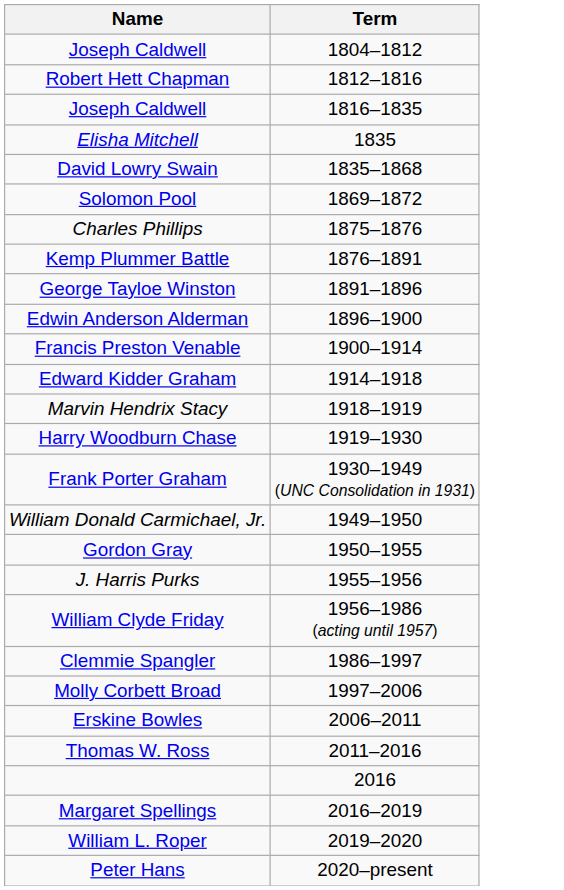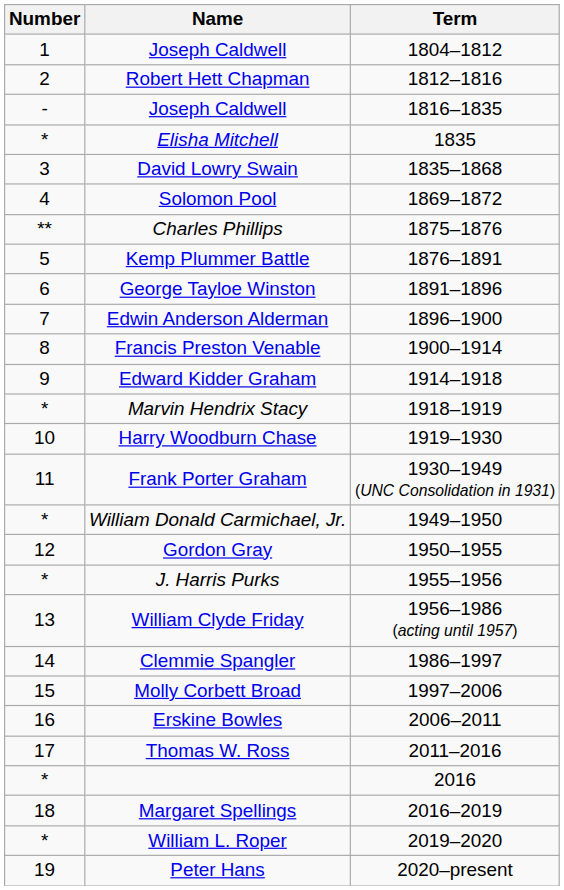 <table class="wikitable" style="text-align: center;">
 <tr>
+<th>Number</th>
 <th>Name</th>
 <th>Term</th>
 </tr>
 <tr>
+<td>1</td>
 <td><a href='#'>Joseph Caldwell</a></td>
 <td>1804–1812</td>
 </tr>
 <tr>
+<td>2</td>
 <td><a href='#'>Robert Hett Chapman</a></td>
 <td>1812–1816</td>
 </tr>
 <tr>
+<td>-</td>
 <td><a href='#'>Joseph Caldwell</a></td>
 <td>1816–1835</td>
 </tr>
 <tr>
+<td>*</td>
 <td><em><a href='#'>Elisha Mitchell</a></em></td>
 <td>1835</td>
 </tr>
 <tr>
+<td>3</td>
 <td><a href='#'>David Lowry Swain</a></td>
 <td>1835–1868</td>
 </tr>
 <tr>
+<td>4</td>
 <td><a href='#'>Solomon Pool</a></td>
 <td>1869–1872</td>
 </tr>
 <tr>
+<td>**</td>
 <td><em>Charles Phillips</em></td>
 <td>1875–1876</td>
 </tr>
 <tr>
+<td>5</td>
 <td><a href='#'>Kemp Plummer Battle</a></td>
 <td>1876–1891</td>
 </tr>
 <tr>
+<td>6</td>
 <td><a href='#'>George Tayloe Winston</a></td>
 <td>1891–1896</td>
 </tr>
 <tr>
+<td>7</td>
 <td><a href='#'>Edwin Anderson Alderman</a></td>
 <td>1896–1900</td>
 </tr>
 <tr>
+<td>8</td>
 <td><a href='#'>Francis Preston Venable</a></td>
 <td>1900–1914</td>
 </tr>
 <tr>
+<td>9</td>
 <td><a href='#'>Edward Kidder Graham</a></td>
 <td>1914–1918</td>
 </tr>
 <tr>
+<td>*</td>
 <td><em>Marvin Hendrix Stacy</em></td>
 <td>1918–1919</td>
 </tr>
 <tr>
+<td>10</td>
 <td><a href='#'>Harry Woodburn Chase</a></td>
 <td>1919–1930</td>
 </tr>
 <tr>
+<td>11</td>
 <td><a href='#'>Frank Porter Graham</a></td>
 <td>1930–1949<br><small>(<em>UNC Consolidation in 1931</em>)</small></td>
 </tr>
 <tr>
+<td>*</td>
 <td><em>William Donald Carmichael, Jr.</em></td>
 <td>1949–1950</td>
 </tr>
 <tr>
+<td>12</td>
 <td><a href='#'>Gordon Gray</a></td>
 <td>1950–1955</td>
 </tr>
 <tr>
+<td>*</td>
 <td><em>J. Harris Purks</em></td>
 <td>1955–1956</td>
 </tr>
 <tr>
+<td>13</td>
 <td><a href='#'>William Clyde Friday</a></td>
 <td>1956–1986<br><small>(<em>acting until 1957</em>)</small></td>
 </tr>
 <tr>
+<td>14</td>
 <td><a href='#'>Clemmie Spangler</a></td>
 <td>1986–1997</td>
 </tr>
 <tr>
+<td>15</td>
 <td><a href='#'>Molly Corbett Broad</a></td>
 <td>1997–2006</td>
 </tr>
 <tr>
+<td>16</td>
 <td><a href='#'>Erskine Bowles</a></td>
 <td>2006–2011</td>
 </tr>
 <tr>
+<td>17</td>
 <td><a href='#'>Thomas W. Ross</a></td>
 <td>2011–2016</td>
 </tr>
 <tr>
+<td>*</td>
 <td></td>
 <td>2016</td>
 </tr>
 <tr>
+<td>18</td>
 <td><a href='#'>Margaret Spellings</a></td>
 <td>2016–2019</td>
 </tr>
 <tr>
+<td>*</td>
 <td><a href='#'>William L. Roper</a></td>
 <td>2019–2020</td>
 </tr>
 <tr>
+<td>19</td>
 <td><a href='#'>Peter Hans</a></td>
 <td>2020–present</td>
 </tr>
 </table>
